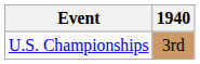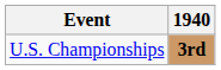 <table class="wikitable">
 <tr>
 <th>Event</th>
 <th>1940</th>
 </tr>
 <tr>
 <td><a href='#'>U.S. Championships</a></td>
-<td align="center" bgcolor="cc9966">3rd</td>
+<td align="center" bgcolor="cc9966"><strong>3rd</strong></td>
 </tr>
 </table>
